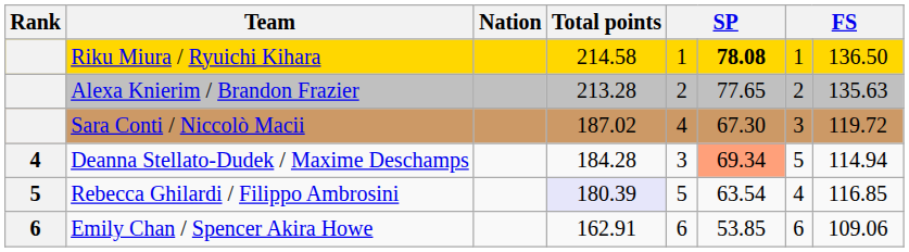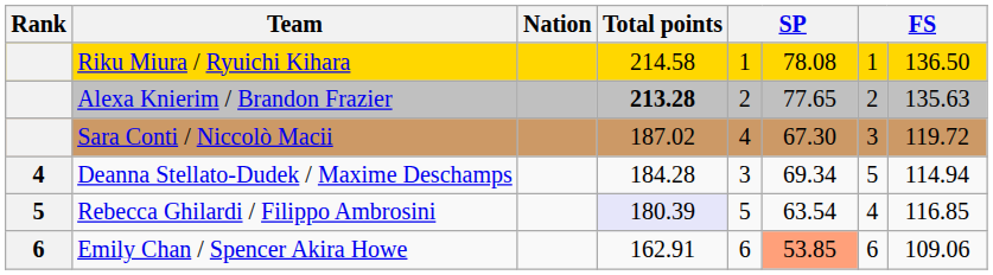 <table class="wikitable sortable" style="text-align:left">
 <tr>
 <th scope="col">Rank</th>
 <th scope="col">Team</th>
 <th scope="col">Nation</th>
 <th scope="col">Total points</th>
 <th colspan="2" scope="col" width="80px"><a href='#'>SP</a></th>
 <th colspan="2" scope="col" width="80px"><a href='#'>FS</a></th>
 </tr>
 <tr bgcolor="gold">
 <th scope="row"></th>
 <td><a href='#'>Riku Miura</a> / <a href='#'>Ryuichi Kihara</a></td>
 <td></td>
 <td align="center">214.58</td>
 <td align="center">1</td>
-<td align="center"><strong>78.08</strong></td>
+<td align="center">78.08</td>
 <td align="center">1</td>
 <td align="center">136.50</td>
 </tr>
 <tr bgcolor="silver">
 <th scope="row"></th>
 <td><a href='#'>Alexa Knierim</a> / <a href='#'>Brandon Frazier</a></td>
 <td></td>
-<td align="center">213.28</td>
+<td align="center"><strong>213.28</strong></td>
 <td align="center">2</td>
 <td align="center">77.65</td>
 <td align="center">2</td>
 <td align="center">135.63</td>
 </tr>
 <tr bgcolor="cc9966">
 <th scope="row"></th>
 <td><a href='#'>Sara Conti</a> / <a href='#'>Niccolò Macii</a></td>
 <td></td>
 <td align="center">187.02</td>
 <td align="center">4</td>
 <td align="center">67.30</td>
 <td align="center">3</td>
 <td align="center">119.72</td>
 </tr>
 <tr>
 <th scope="row">4</th>
 <td><a href='#'>Deanna Stellato-Dudek</a> / <a href='#'>Maxime Deschamps</a></td>
 <td></td>
 <td align="center">184.28</td>
 <td align="center">3</td>
-<td align="center" style="background: lightsalmon;">69.34</td>
+<td align="center">69.34</td>
 <td align="center">5</td>
 <td align="center">114.94</td>
 </tr>
 <tr>
 <th scope="row">5</th>
 <td><a href='#'>Rebecca Ghilardi</a> / <a href='#'>Filippo Ambrosini</a></td>
 <td></td>
 <td align="center" style="background: lavender;">180.39</td>
 <td align="center">5</td>
 <td align="center">63.54</td>
 <td align="center">4</td>
 <td align="center">116.85</td>
 </tr>
 <tr>
 <th scope="row">6</th>
 <td><a href='#'>Emily Chan</a> / <a href='#'>Spencer Akira Howe</a></td>
 <td></td>
 <td align="center">162.91</td>
 <td align="center">6</td>
-<td align="center">53.85</td>
+<td align="center" style="background: lightsalmon;">53.85</td>
 <td align="center">6</td>
 <td align="center">109.06</td>
 </tr>
 </table>
